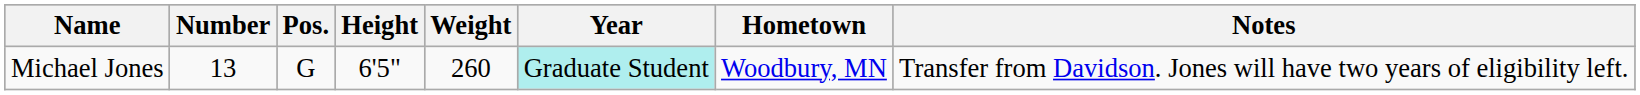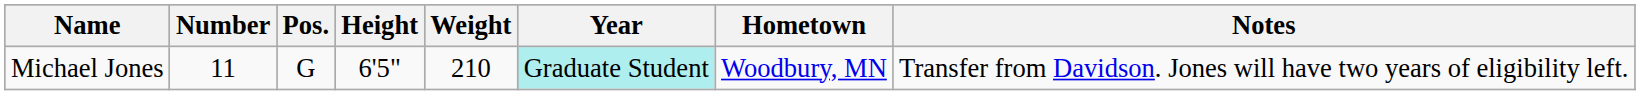 <table class="wikitable sortable sortable" style="text-align: center">
 <tr align=center>
 <th>Name</th>
 <th>Number</th>
 <th>Pos.</th>
 <th>Height</th>
 <th>Weight</th>
 <th>Year</th>
 <th>Hometown</th>
 <th>Notes</th>
 </tr>
 <tr>
 <td>Michael Jones</td>
-<td>13</td>
+<td>11</td>
 <td>G</td>
 <td>6'5"</td>
-<td>260</td>
+<td>210</td>
 <td style="background: paleturquoise;">Graduate Student</td>
 <td><a href='#'>Woodbury, MN</a></td>
 <td>Transfer from <a href='#'>Davidson</a>. Jones will have two years of eligibility left.</td>
 </tr>
 </table>
